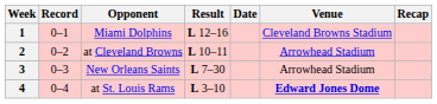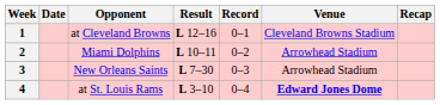 <table class="wikitable" style="text-align:center">
 <tr>
 <th>Week</th>
-<th>Record</th>
+<th>Date</th>
 <th>Opponent</th>
 <th>Result</th>
-<th>Date</th>
+<th>Record</th>
 <th>Venue</th>
 <th>Recap</th>
 </tr>
 <tr style="background:#fcc">
 <th>1</th>
+<td></td>
+<td>at  <a href='#'>Cleveland Browns</a></td>
+<td><strong>L</strong> 12–16</td>
 <td>0–1</td>
-<td><a href='#'>Miami Dolphins</a></td>
-<td><strong>L</strong> 12–16</td>
-<td></td>
 <td><a href='#'>Cleveland Browns Stadium</a></td>
 <td></td>
 </tr>
 <tr style="background:#fcc">
 <th>2</th>
+<td></td>
+<td><a href='#'>Miami Dolphins</a></td>
+<td><strong>L</strong> 10–11</td>
 <td>0–2</td>
-<td>at  <a href='#'>Cleveland Browns</a></td>
-<td><strong>L</strong> 10–11</td>
-<td></td>
 <td><a href='#'>Arrowhead Stadium</a></td>
 <td></td>
 </tr>
 <tr style="background:#fcc">
 <th>3</th>
-<td>0–3</td>
+<td></td>
 <td><a href='#'>New Orleans Saints</a></td>
 <td><strong>L</strong> 7–30</td>
-<td></td>
+<td>0–3</td>
 <td>Arrowhead Stadium</td>
 <td></td>
 </tr>
 <tr style="background:#fcc">
 <th>4</th>
-<td>0–4</td>
+<td></td>
 <td>at <a href='#'>St. Louis Rams</a></td>
 <td><strong>L</strong> 3–10</td>
-<td></td>
+<td>0–4</td>
 <td><strong><a href='#'>Edward Jones Dome</a></strong></td>
 <td></td>
 </tr>
 </table>
